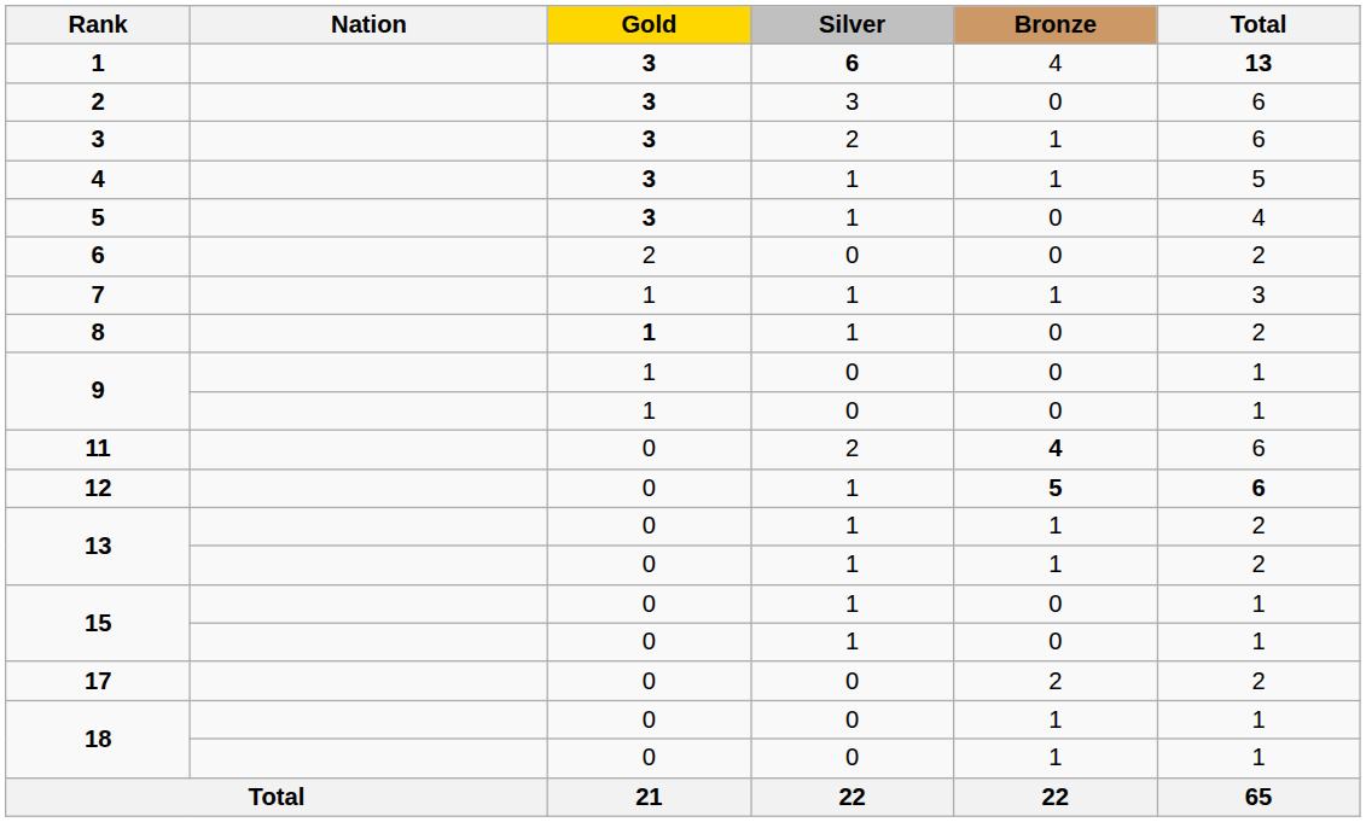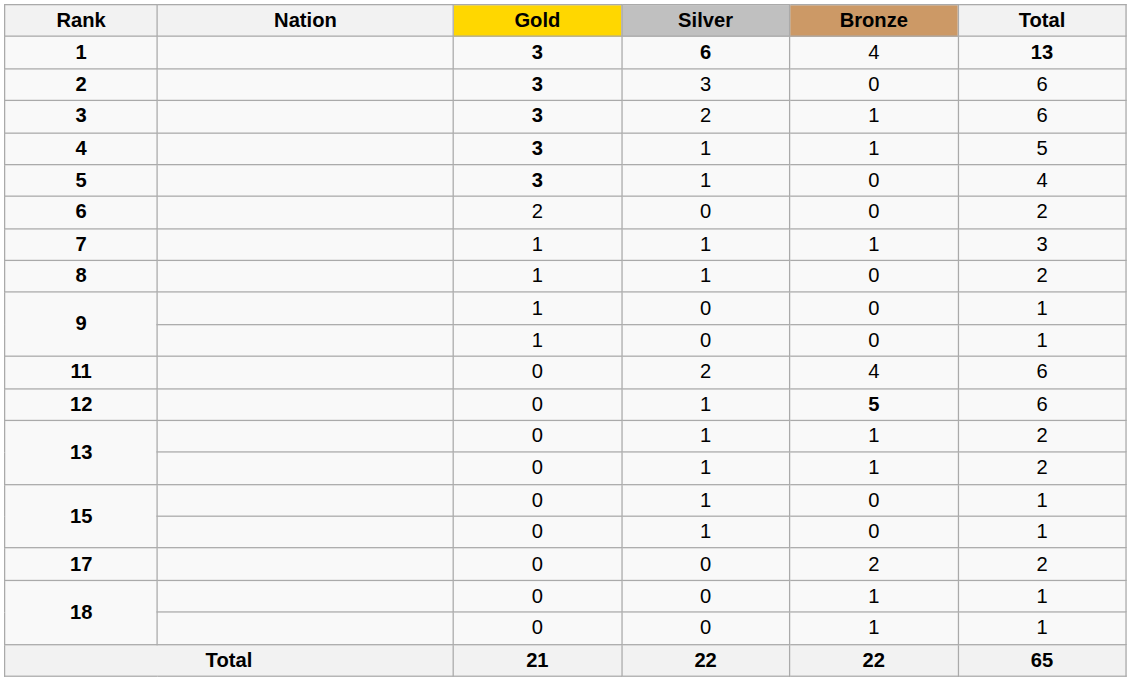 <table class="wikitable collapsible autocollapse plainrowheaders" width=70.5% style="text-align:center;">
 <tr style="background-color:#EDEDED;">
 <th width=100px class="hintergrundfarbe5">Rank</th>
 <th width=200px class="hintergrundfarbe6">Nation</th>
 <th style="background:    gold; width:15%">Gold</th>
 <th style="background:  silver; width:15%">Silver</th>
 <th style="background: #CC9966; width:15%">Bronze</th>
 <th class="hintergrundfarbe6" style="width:15%">Total</th>
 </tr>
 <tr>
 <td><strong>1</strong></td>
 <td align=left></td>
 <td><strong>3</strong></td>
 <td><strong>6</strong></td>
 <td>4</td>
 <td><strong>13</strong></td>
 </tr>
 <tr>
 <td><strong>2</strong></td>
 <td align=left></td>
 <td><strong>3</strong></td>
 <td>3</td>
 <td>0</td>
 <td>6</td>
 </tr>
 <tr>
 <td><strong>3</strong></td>
 <td align=left><em></em></td>
 <td><strong>3</strong></td>
 <td>2</td>
 <td>1</td>
 <td>6</td>
 </tr>
 <tr>
 <td><strong>4</strong></td>
 <td align=left><em></em></td>
 <td><strong>3</strong></td>
 <td>1</td>
 <td>1</td>
 <td>5</td>
 </tr>
 <tr>
 <td><strong>5</strong></td>
 <td align=left></td>
 <td><strong>3</strong></td>
 <td>1</td>
 <td>0</td>
 <td>4</td>
 </tr>
 <tr>
 <td><strong>6</strong></td>
 <td align=left></td>
 <td>2</td>
 <td>0</td>
 <td>0</td>
 <td>2</td>
 </tr>
 <tr>
 <td><strong>7</strong></td>
 <td align=left></td>
 <td>1</td>
 <td>1</td>
 <td>1</td>
 <td>3</td>
 </tr>
 <tr>
 <td><strong>8</strong></td>
 <td align=left></td>
-<td><strong>1</strong></td>
+<td>1</td>
 <td>1</td>
 <td>0</td>
 <td>2</td>
 </tr>
 <tr>
 <td rowspan=2><strong>9</strong></td>
 <td align=left></td>
 <td>1</td>
 <td>0</td>
 <td>0</td>
 <td>1</td>
 </tr>
 <tr>
 <td align=left></td>
 <td>1</td>
 <td>0</td>
 <td>0</td>
 <td>1</td>
 </tr>
 <tr>
 <td><strong>11</strong></td>
 <td align=left></td>
 <td>0</td>
 <td>2</td>
-<td><strong>4</strong></td>
+<td>4</td>
 <td>6</td>
 </tr>
 <tr>
 <td><strong>12</strong></td>
 <td align=left></td>
 <td>0</td>
 <td>1</td>
 <td><strong>5</strong></td>
-<td><strong>6</strong></td>
+<td>6</td>
 </tr>
 <tr>
 <td rowspan=2><strong>13</strong></td>
 <td align=left></td>
 <td>0</td>
 <td>1</td>
 <td>1</td>
 <td>2</td>
 </tr>
 <tr>
 <td align=left></td>
 <td>0</td>
 <td>1</td>
 <td>1</td>
 <td>2</td>
 </tr>
 <tr>
 <td rowspan=2><strong>15</strong></td>
 <td align=left></td>
 <td>0</td>
 <td>1</td>
 <td>0</td>
 <td>1</td>
 </tr>
 <tr>
 <td align=left></td>
 <td>0</td>
 <td>1</td>
 <td>0</td>
 <td>1</td>
 </tr>
 <tr>
 <td><strong>17</strong></td>
 <td align=left></td>
 <td>0</td>
 <td>0</td>
 <td>2</td>
 <td>2</td>
 </tr>
 <tr>
 <td rowspan=2><strong>18</strong></td>
 <td align=left></td>
 <td>0</td>
 <td>0</td>
 <td>1</td>
 <td>1</td>
 </tr>
 <tr>
 <td align=left></td>
 <td>0</td>
 <td>0</td>
 <td>1</td>
 <td>1</td>
 </tr>
 <tr>
 <th colspan=2>Total</th>
 <th>21</th>
 <th>22</th>
 <th>22</th>
 <th>65</th>
 </tr>
 </table>
